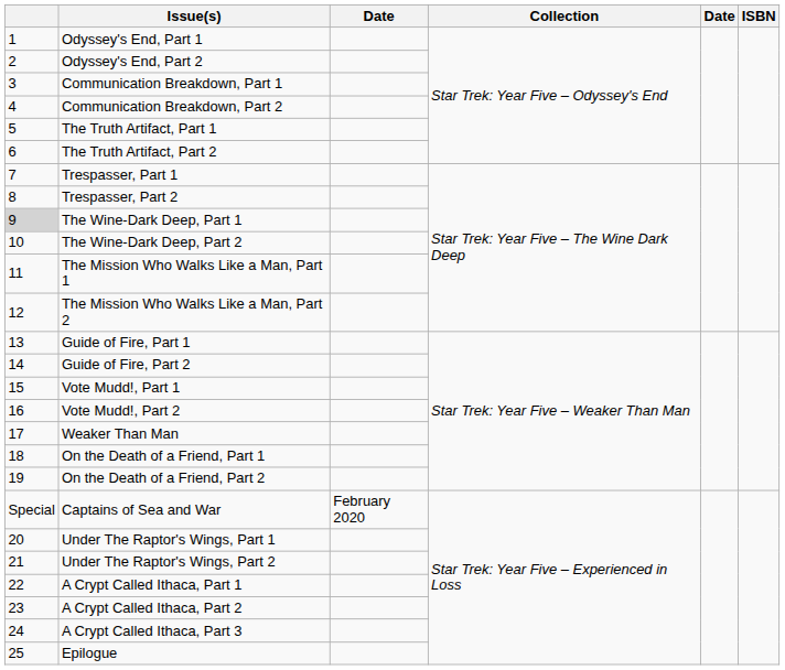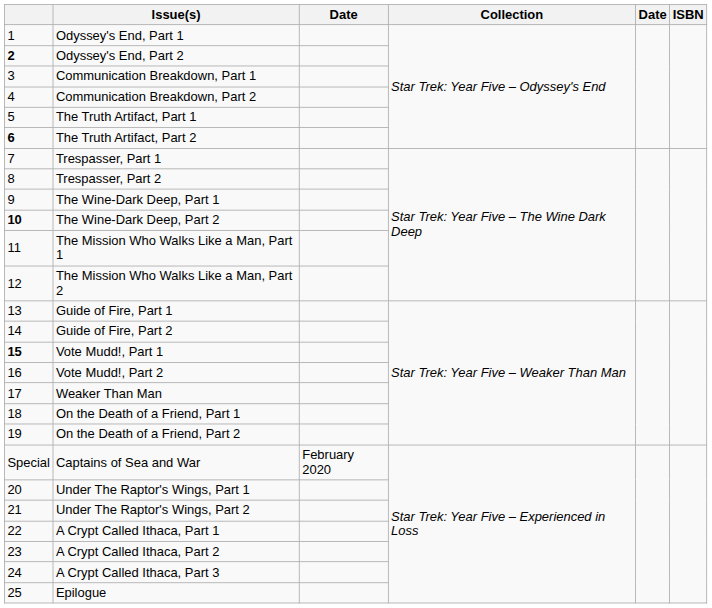 <table class="wikitable">
 <tr>
 <th></th>
 <th>Issue(s)</th>
 <th>Date</th>
 <th>Collection</th>
 <th>Date</th>
 <th>ISBN</th>
 </tr>
 <tr>
 <td>1</td>
 <td>Odyssey's End, Part 1</td>
 <td></td>
 <td rowspan="6"><em>Star Trek: Year Five – Odyssey's End</em></td>
 <td rowspan="6"></td>
 <td rowspan="6"></td>
 </tr>
 <tr>
-<td>2</td>
+<td><strong>2</strong></td>
 <td>Odyssey's End, Part 2</td>
 <td></td>
 </tr>
 <tr>
 <td>3</td>
 <td>Communication Breakdown, Part 1</td>
 <td></td>
 </tr>
 <tr>
 <td>4</td>
 <td>Communication Breakdown, Part 2</td>
 <td></td>
 </tr>
 <tr>
 <td>5</td>
 <td>The Truth Artifact, Part 1</td>
 <td></td>
 </tr>
 <tr>
-<td>6</td>
+<td><strong>6</strong></td>
 <td>The Truth Artifact, Part 2</td>
 <td></td>
 </tr>
 <tr>
 <td>7</td>
 <td>Trespasser, Part 1</td>
 <td></td>
 <td rowspan="6"><em>Star Trek: Year Five – The Wine Dark Deep</em></td>
 <td rowspan="6"></td>
 <td rowspan="6"></td>
 </tr>
 <tr>
 <td>8</td>
 <td>Trespasser, Part 2</td>
 <td></td>
 </tr>
 <tr>
-<td style="background: lightgrey;">9</td>
+<td>9</td>
 <td>The Wine-Dark Deep, Part 1</td>
 <td></td>
 </tr>
 <tr>
-<td>10</td>
+<td><strong>10</strong></td>
 <td>The Wine-Dark Deep, Part 2</td>
 <td></td>
 </tr>
 <tr>
 <td>11</td>
 <td>The Mission Who Walks Like a Man, Part 1</td>
 <td></td>
 </tr>
 <tr>
 <td>12</td>
 <td>The Mission Who Walks Like a Man, Part 2</td>
 <td></td>
 </tr>
 <tr>
 <td>13</td>
 <td>Guide of Fire, Part 1</td>
 <td></td>
 <td rowspan="7"><em>Star Trek: Year Five – Weaker Than Man</em></td>
 <td rowspan="7"></td>
 <td rowspan="7"></td>
 </tr>
 <tr>
 <td>14</td>
 <td>Guide of Fire, Part 2</td>
 <td></td>
 </tr>
 <tr>
-<td>15</td>
+<td><strong>15</strong></td>
 <td>Vote Mudd!, Part 1</td>
 <td></td>
 </tr>
 <tr>
 <td>16</td>
 <td>Vote Mudd!, Part 2</td>
 <td></td>
 </tr>
 <tr>
 <td>17</td>
 <td>Weaker Than Man</td>
 <td></td>
 </tr>
 <tr>
 <td>18</td>
 <td>On the Death of a Friend, Part 1</td>
 <td></td>
 </tr>
 <tr>
 <td>19</td>
 <td>On the Death of a Friend, Part 2</td>
 <td></td>
 </tr>
 <tr>
 <td>Special</td>
 <td>Captains of Sea and War</td>
 <td>February 2020</td>
 <td rowspan="7"><em>Star Trek: Year Five – Experienced in Loss</em></td>
 <td rowspan="7"></td>
 <td rowspan="7"></td>
 </tr>
 <tr>
 <td>20</td>
 <td>Under The Raptor's Wings, Part 1</td>
 <td></td>
 </tr>
 <tr>
 <td>21</td>
 <td>Under The Raptor's Wings, Part 2</td>
 <td></td>
 </tr>
 <tr>
 <td>22</td>
 <td>A Crypt Called Ithaca, Part 1</td>
 <td></td>
 </tr>
 <tr>
 <td>23</td>
 <td>A Crypt Called Ithaca, Part 2</td>
 <td></td>
 </tr>
 <tr>
 <td>24</td>
 <td>A Crypt Called Ithaca, Part 3</td>
 <td></td>
 </tr>
 <tr>
 <td>25</td>
 <td>Epilogue</td>
 <td></td>
 </tr>
 </table>
